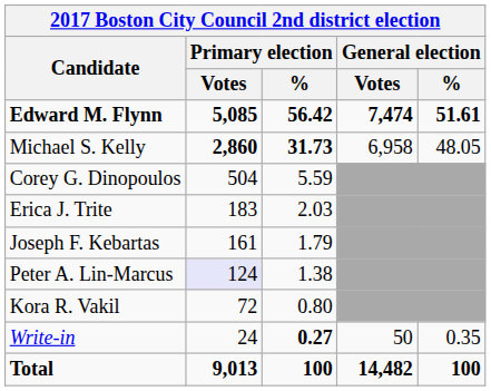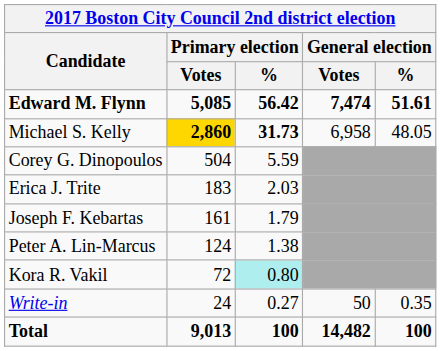 <table class=wikitable>
 <tr>
 <th colspan=5><a href='#'>2017 Boston City Council 2nd district election</a></th>
 </tr>
 <tr>
 <th colspan=1 rowspan=2>Candidate</th>
 <th colspan=2><strong>Primary election</strong></th>
 <th colspan=2><strong>General election</strong></th>
 </tr>
 <tr>
 <th>Votes</th>
 <th>%</th>
 <th>Votes</th>
 <th>%</th>
 </tr>
 <tr>
 <td><strong>Edward M. Flynn</strong></td>
 <td align="right"><strong>5,085</strong></td>
 <td align="right"><strong>56.42</strong></td>
 <td align="right"><strong>7,474</strong></td>
 <td align="right"><strong>51.61</strong></td>
 </tr>
 <tr>
 <td>Michael S. Kelly</td>
-<td align="right"><strong>2,860</strong></td>
+<td align="right" style="background: gold;"><strong>2,860</strong></td>
 <td align="right"><strong>31.73</strong></td>
 <td align="right">6,958</td>
 <td align="right">48.05</td>
 </tr>
 <tr>
 <td>Corey G. Dinopoulos</td>
 <td align="right">504</td>
 <td align="right">5.59</td>
 <td colspan=2 bgcolor=darkgray> </td>
 </tr>
 <tr>
 <td>Erica J. Trite</td>
 <td align="right">183</td>
 <td align="right">2.03</td>
 <td colspan=2 bgcolor=darkgray> </td>
 </tr>
 <tr>
 <td>Joseph F. Kebartas</td>
 <td align="right">161</td>
 <td align="right">1.79</td>
 <td colspan=2 bgcolor=darkgray> </td>
 </tr>
 <tr>
 <td>Peter A. Lin-Marcus</td>
-<td align="right" style="background: lavender;">124</td>
+<td align="right">124</td>
 <td align="right">1.38</td>
 <td colspan=2 bgcolor=darkgray> </td>
 </tr>
 <tr>
 <td>Kora R. Vakil</td>
 <td align="right">72</td>
-<td align="right">0.80</td>
+<td align="right" style="background: paleturquoise;">0.80</td>
 <td colspan=2 bgcolor=darkgray> </td>
 </tr>
 <tr>
 <td><em><a href='#'>Write-in</a></em></td>
 <td align="right">24</td>
-<td align="right"><strong>0.27</strong></td>
+<td align="right">0.27</td>
 <td align="right">50</td>
 <td align="right">0.35</td>
 </tr>
 <tr>
 <td><strong>Total</strong></td>
 <td align="right"><strong>9,013</strong></td>
 <td align="right"><strong>100</strong></td>
 <td align="right"><strong>14,482</strong></td>
 <td align="right"><strong>100</strong></td>
 </tr>
 </table>
